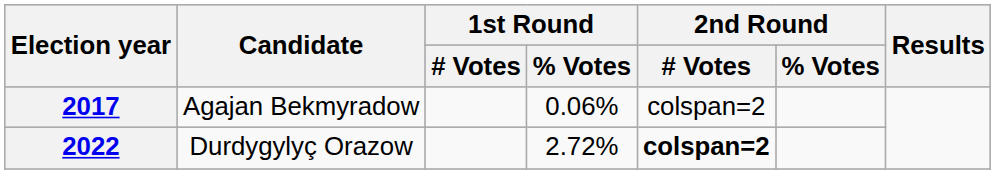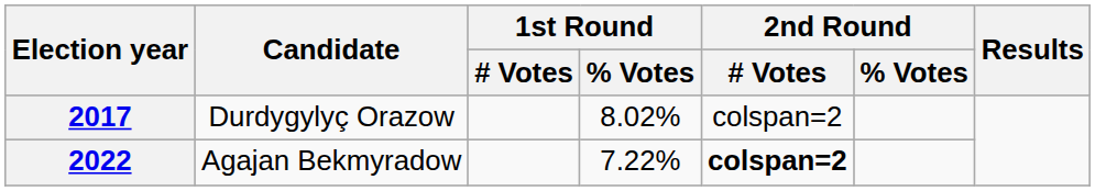 <table class=wikitable style=text-align:center>
 <tr>
 <th rowspan=2>Election year</th>
 <th rowspan=2>Candidate</th>
 <th colspan=2>1st Round</th>
 <th colspan=2>2nd Round</th>
 <th rowspan=2>Results</th>
 </tr>
 <tr>
 <th># Votes</th>
 <th>% Votes</th>
 <th># Votes</th>
 <th>% Votes</th>
 </tr>
 <tr>
 <th><a href='#'>2017</a></th>
-<td>Agajan Bekmyradow</td>
+<td>Durdygylyç Orazow</td>
 <td></td>
-<td>0.06%</td>
+<td>8.02%</td>
 <td>colspan=2 </td>
 <td></td>
 </tr>
 <tr>
 <th><a href='#'>2022</a></th>
-<td>Durdygylyç Orazow</td>
+<td>Agajan Bekmyradow</td>
 <td></td>
-<td>2.72%</td>
+<td>7.22%</td>
 <td><strong>colspan=2 </strong></td>
 <td></td>
 </tr>
 </table>
